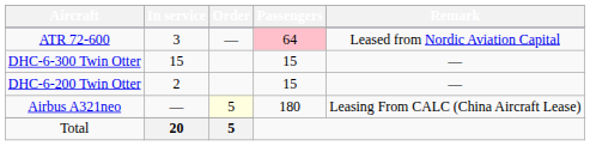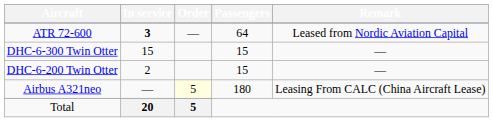 <table class="wikitable toccolours" border="1" cellpadding="2" style="margin:1em auto; border-collapse:collapse;text-align:center;">
 <tr - style="background:#101d5f; color:white;">
 <th>Aircraft</th>
 <th>In service</th>
 <th>Order</th>
 <th>Passengers</th>
 <th>Remark</th>
 </tr>
 <tr>
 </tr>
 <tr>
 <td><a href='#'>ATR 72-600</a></td>
-<td>3</td>
+<td><strong>3</strong></td>
 <td>—</td>
-<td style="background: pink;">64</td>
+<td>64</td>
 <td>Leased from <a href='#'>Nordic Aviation Capital</a></td>
 </tr>
 <tr>
 <td><a href='#'>DHC-6-300 Twin Otter</a></td>
 <td>15</td>
 <td></td>
 <td>15</td>
 <td>—</td>
 </tr>
 <tr>
 <td><a href='#'>DHC-6-200 Twin Otter</a></td>
 <td>2</td>
 <td></td>
 <td>15</td>
 <td>—</td>
 </tr>
 <tr>
 <td><a href='#'>Airbus A321neo</a></td>
 <td>—</td>
 <td style="background: lightyellow;">5</td>
 <td>180</td>
 <td>Leasing From CALC (China Aircraft Lease)</td>
 </tr>
 <tr>
 </tr>
 <tr>
 <td>Total</td>
 <th>20</th>
 <th>5</th>
 </tr>
 </table>
